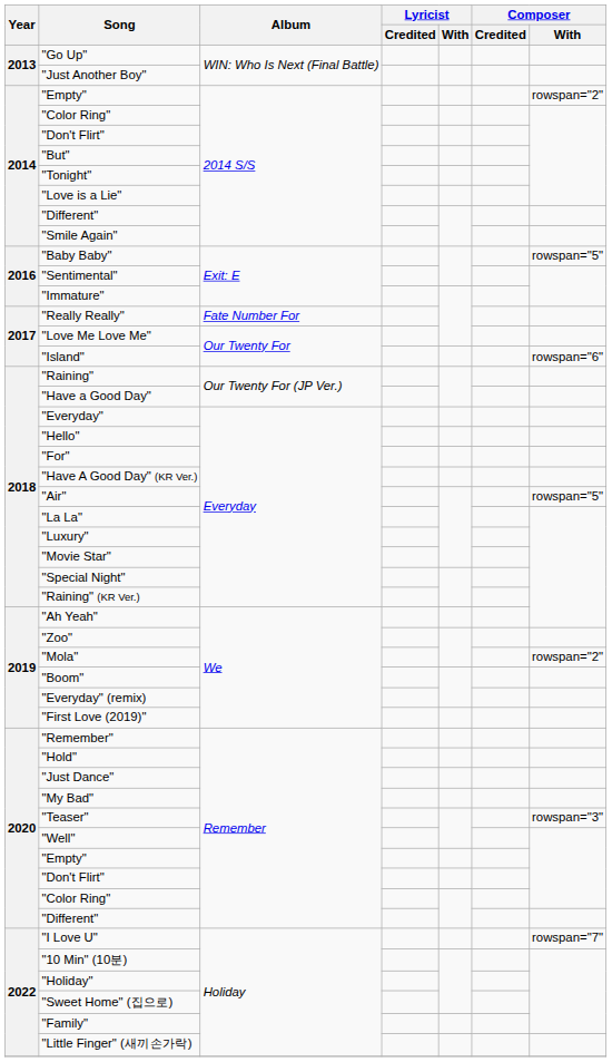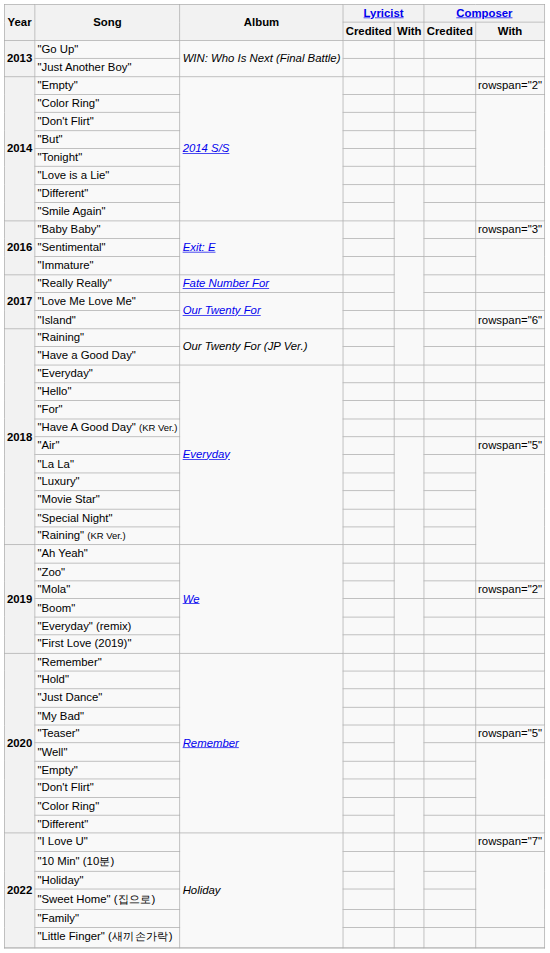 <table class="wikitable sortable plainrowheaders">
 <tr>
 <th rowspan="2">Year</th>
 <th rowspan="2">Song</th>
 <th rowspan="2">Album</th>
 <th colspan="2"><a href='#'>Lyricist</a></th>
 <th colspan="2"><a href='#'>Composer</a></th>
 </tr>
 <tr>
 <th>Credited</th>
 <th>With</th>
 <th>Credited</th>
 <th>With</th>
 </tr>
 <tr>
 <th scope="row" rowspan="2">2013</th>
 <td>"Go Up"</td>
 <td rowspan="2"><em>WIN: Who Is Next (Final Battle)</em></td>
 <td></td>
 <td style="text-align:center"></td>
 <td></td>
 <td></td>
 </tr>
 <tr>
 <td>"Just Another Boy"</td>
 <td></td>
 <td style="text-align:center"></td>
 <td></td>
 <td style="text-align:center"></td>
 </tr>
 <tr>
 <th scope="row" rowspan="8">2014</th>
 <td>"Empty"</td>
 <td rowspan="8"><em><a href='#'>2014 S/S</a></em></td>
 <td></td>
 <td style="text-align:center"></td>
 <td></td>
 <td>rowspan="2" </td>
 </tr>
 <tr>
 <td>"Color Ring"</td>
 <td></td>
 <td style="text-align:center"></td>
 <td></td>
 </tr>
 <tr>
 <td>"Don't Flirt"</td>
 <td></td>
 <td style="text-align:center"></td>
 <td></td>
 </tr>
 <tr>
 <td>"But"</td>
 <td></td>
 <td style="text-align:center"></td>
 <td></td>
 </tr>
 <tr>
 <td>"Tonight"</td>
 <td></td>
 <td style="text-align:center"></td>
 <td></td>
 </tr>
 <tr>
 <td>"Love is a Lie"</td>
 <td></td>
 <td style="text-align:center"></td>
 <td></td>
 </tr>
 <tr>
 <td>"Different"</td>
 <td></td>
 <td rowspan="2" style="text-align:center"></td>
 <td></td>
 <td style="text-align:center"></td>
 </tr>
 <tr>
 <td>"Smile Again"</td>
 <td></td>
 <td></td>
 <td style="text-align:center"></td>
 </tr>
 <tr>
 <th scope="row" rowspan="3">2016</th>
 <td>"Baby Baby"</td>
 <td rowspan="3"><em><a href='#'>Exit: E</a></em></td>
 <td></td>
 <td rowspan="2" style="text-align:center"></td>
 <td></td>
-<td>rowspan="5" </td>
+<td>rowspan="3" </td>
 </tr>
 <tr>
 <td>"Sentimental"</td>
 <td></td>
 <td></td>
 </tr>
 <tr>
 <td>"Immature"</td>
 <td></td>
 <td rowspan="3" style="text-align:center"></td>
 <td></td>
 </tr>
 <tr>
 <th scope="row" rowspan="3">2017</th>
 <td>"Really Really"</td>
 <td><em><a href='#'>Fate Number For</a></em></td>
 <td></td>
 <td></td>
 <td style="text-align:center"></td>
 </tr>
 <tr>
 <td>"Love Me Love Me"</td>
 <td rowspan="2"><em><a href='#'>Our Twenty For</a></em></td>
 <td></td>
 <td></td>
 <td style="text-align:center"></td>
 </tr>
 <tr>
 <td>"Island"</td>
 <td></td>
 <td style="text-align:center"></td>
 <td></td>
 <td>rowspan="6" </td>
 </tr>
 <tr>
 <th scope="row" rowspan="12">2018</th>
 <td>"Raining"</td>
 <td rowspan="2"><em>Our Twenty For (JP Ver.)</em></td>
 <td></td>
 <td rowspan="2" style="text-align:center"></td>
 <td></td>
 </tr>
 <tr>
 <td>"Have a Good Day"</td>
 <td></td>
 <td></td>
 <td style="text-align:center"></td>
 </tr>
 <tr>
 <td>"Everyday"</td>
 <td rowspan="10"><em><a href='#'>Everyday</a></em></td>
 <td></td>
 <td style="text-align:center"></td>
 <td></td>
 <td style="text-align:center"></td>
 </tr>
 <tr>
 <td>"Hello" </td>
 <td></td>
 <td style="text-align:center"></td>
 <td></td>
 <td style="text-align:center"></td>
 </tr>
 <tr>
 <td>"For" </td>
 <td></td>
 <td style="text-align:center"></td>
 <td></td>
 <td style="text-align:center"></td>
 </tr>
 <tr>
 <td>"Have A Good Day" <small>(KR Ver.)</small></td>
 <td></td>
 <td style="text-align:center"></td>
 <td></td>
 <td style="text-align:center"></td>
 </tr>
 <tr>
 <td>"Air"</td>
 <td></td>
 <td rowspan="4" style="text-align:center"></td>
 <td></td>
 <td>rowspan="5" </td>
 </tr>
 <tr>
 <td>"La La"</td>
 <td></td>
 <td></td>
 </tr>
 <tr>
 <td>"Luxury" </td>
 <td></td>
 <td></td>
 </tr>
 <tr>
 <td>"Movie Star"</td>
 <td></td>
 <td></td>
 </tr>
 <tr>
 <td>"Special Night"</td>
 <td></td>
 <td rowspan="2" style="text-align:center"></td>
 <td></td>
 </tr>
 <tr>
 <td>"Raining" <small>(KR Ver.)</small></td>
 <td></td>
 <td></td>
 </tr>
 <tr>
 <th scope="row" rowspan="6">2019</th>
 <td>"Ah Yeah" </td>
 <td rowspan="6"><em><a href='#'>We</a></em></td>
 <td></td>
 <td style="text-align:center"></td>
 <td></td>
 </tr>
 <tr>
 <td>"Zoo" </td>
 <td></td>
 <td rowspan="2" style="text-align:center"></td>
 <td></td>
 <td style="text-align:center"></td>
 </tr>
 <tr>
 <td>"Mola" </td>
 <td></td>
 <td></td>
 <td>rowspan="2" </td>
 </tr>
 <tr>
 <td>"Boom"</td>
 <td></td>
 <td rowspan="2" style="text-align:center"></td>
 <td></td>
 </tr>
 <tr>
 <td>"Everyday" (remix)</td>
 <td></td>
 <td></td>
 <td style="text-align:center"></td>
 </tr>
 <tr>
 <td>"First Love (2019)" </td>
 <td></td>
 <td style="text-align:center"></td>
 <td></td>
 <td></td>
 </tr>
 <tr>
 <th scope="row" rowspan="10">2020</th>
 <td>"Remember"</td>
 <td rowspan="10"><em><a href='#'>Remember</a></em></td>
 <td></td>
 <td></td>
 <td></td>
 <td style="text-align:center"></td>
 </tr>
 <tr>
 <td>"Hold" </td>
 <td></td>
 <td></td>
 <td></td>
 <td style="text-align:center"></td>
 </tr>
 <tr>
 <td>"Just Dance" </td>
 <td></td>
 <td style="text-align:center"></td>
 <td></td>
 <td></td>
 </tr>
 <tr>
 <td>"My Bad"</td>
 <td></td>
 <td style="text-align:center"></td>
 <td></td>
 <td style="text-align:center"></td>
 </tr>
 <tr>
 <td>"Teaser"</td>
 <td></td>
 <td rowspan="2" style="text-align:center"></td>
 <td></td>
-<td>rowspan="3" </td>
+<td>rowspan="5" </td>
 </tr>
 <tr>
 <td>"Well"</td>
 <td></td>
 <td></td>
 </tr>
 <tr>
 <td>"Empty" </td>
 <td></td>
 <td style="text-align:center"></td>
 <td></td>
 </tr>
 <tr>
 <td>"Don't Flirt" </td>
 <td></td>
 <td style="text-align:center"></td>
 <td></td>
 </tr>
 <tr>
 <td>"Color Ring" </td>
 <td></td>
 <td rowspan="2" style="text-align:center"></td>
 <td></td>
 </tr>
 <tr>
 <td>"Different" </td>
 <td></td>
 <td></td>
 <td style="text-align:center"></td>
 </tr>
 <tr>
 <th rowspan="6">2022</th>
 <td>"I Love U"</td>
 <td rowspan="6"><em>Holiday</em></td>
 <td></td>
 <td style="text-align:center"></td>
 <td></td>
 <td>rowspan="7" </td>
 </tr>
 <tr>
 <td>"10 Min" (10분)</td>
 <td></td>
 <td rowspan="3" style="text-align:center"></td>
 <td></td>
 </tr>
 <tr>
 <td>"Holiday"</td>
 <td></td>
 <td></td>
 </tr>
 <tr>
 <td>"Sweet Home" (집으로)</td>
 <td></td>
 <td></td>
 </tr>
 <tr>
 <td>"Family"</td>
 <td></td>
 <td style="text-align:center"></td>
 <td></td>
 </tr>
 <tr>
 <td>"Little Finger" (새끼손가락)</td>
 <td></td>
 <td style="text-align:center"></td>
 <td></td>
 <td style="text-align:center"></td>
 </tr>
 <tr>
 </tr>
 </table>
